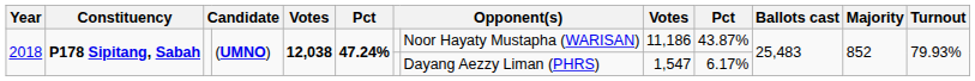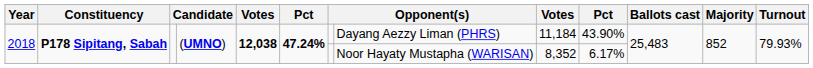 <table class="wikitable" style="margin:0.5em ; font-size:95%">
 <tr>
 <th>Year</th>
 <th>Constituency</th>
 <th colspan=2>Candidate</th>
 <th>Votes</th>
 <th>Pct</th>
 <th colspan=2>Opponent(s)</th>
 <th>Votes</th>
 <th>Pct</th>
 <th>Ballots cast</th>
 <th>Majority</th>
 <th>Turnout</th>
 </tr>
 <tr>
 <td rowspan="2"><a href='#'>2018</a></td>
 <td rowspan="2"><strong>P178 <a href='#'>Sipitang</a>, <a href='#'>Sabah</a></strong></td>
 <td rowspan="2" ></td>
 <td rowspan="2"> (<a href='#'><strong>UMNO</strong></a>)</td>
 <td rowspan="2" align=right><strong>12,038</strong></td>
 <td rowspan="2"><strong>47.24%</strong></td>
 <td></td>
-<td>Noor Hayaty Mustapha (<a href='#'>WARISAN</a>)</td>
-<td align=right>11,186</td>
-<td>43.87%</td>
+<td>Dayang Aezzy Liman (<a href='#'>PHRS</a>)</td>
+<td align=right>11,184</td>
+<td>43.90%</td>
 <td rowspan="2">25,483</td>
 <td rowspan="2">852</td>
 <td rowspan="2">79.93%</td>
 </tr>
 <tr>
 <td bgcolor = ></td>
-<td>Dayang Aezzy Liman (<a href='#'>PHRS</a>)</td>
-<td align=right>1,547</td>
+<td>Noor Hayaty Mustapha (<a href='#'>WARISAN</a>)</td>
+<td align=right>8,352</td>
 <td align=right>6.17%</td>
 </tr>
 </table>
